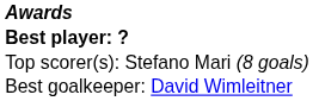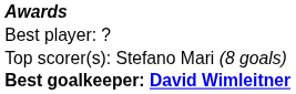 <table width=100% cellspacing=1 style="font-size: 90%;">
 <tr>
 <td><strong><em>Awards</em></strong></td>
 </tr>
 <tr>
-<td><strong>Best player:  ?</strong></td>
+<td>Best player:  ?</td>
 </tr>
 <tr>
 <td colspan=4>Top scorer(s):  Stefano Mari <em>(8 goals)</em></td>
 </tr>
 <tr>
-<td>Best goalkeeper:  <a href='#'>David Wimleitner</a></td>
+<td><strong>Best goalkeeper:  <a href='#'>David Wimleitner</a></strong></td>
 </tr>
 </table>
